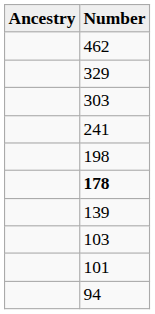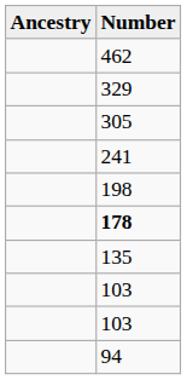 <table style="float: center;" class="wikitable">
 <tr>
 <th style="background:#efefef;">Ancestry</th>
 <th style="background:#efefef;">Number</th>
 </tr>
 <tr>
 <td></td>
 <td>462</td>
 </tr>
 <tr>
 <td></td>
 <td>329</td>
 </tr>
 <tr>
 <td></td>
-<td>303</td>
+<td>305</td>
 </tr>
 <tr>
 <td></td>
 <td>241</td>
 </tr>
 <tr>
 <td></td>
 <td>198</td>
 </tr>
 <tr>
 <td></td>
 <td><strong>178</strong></td>
 </tr>
 <tr>
 <td></td>
-<td>139</td>
+<td>135</td>
 </tr>
 <tr>
 <td></td>
 <td>103</td>
 </tr>
 <tr>
 <td></td>
-<td>101</td>
+<td>103</td>
 </tr>
 <tr>
 <td></td>
 <td>94</td>
 </tr>
 </table>
